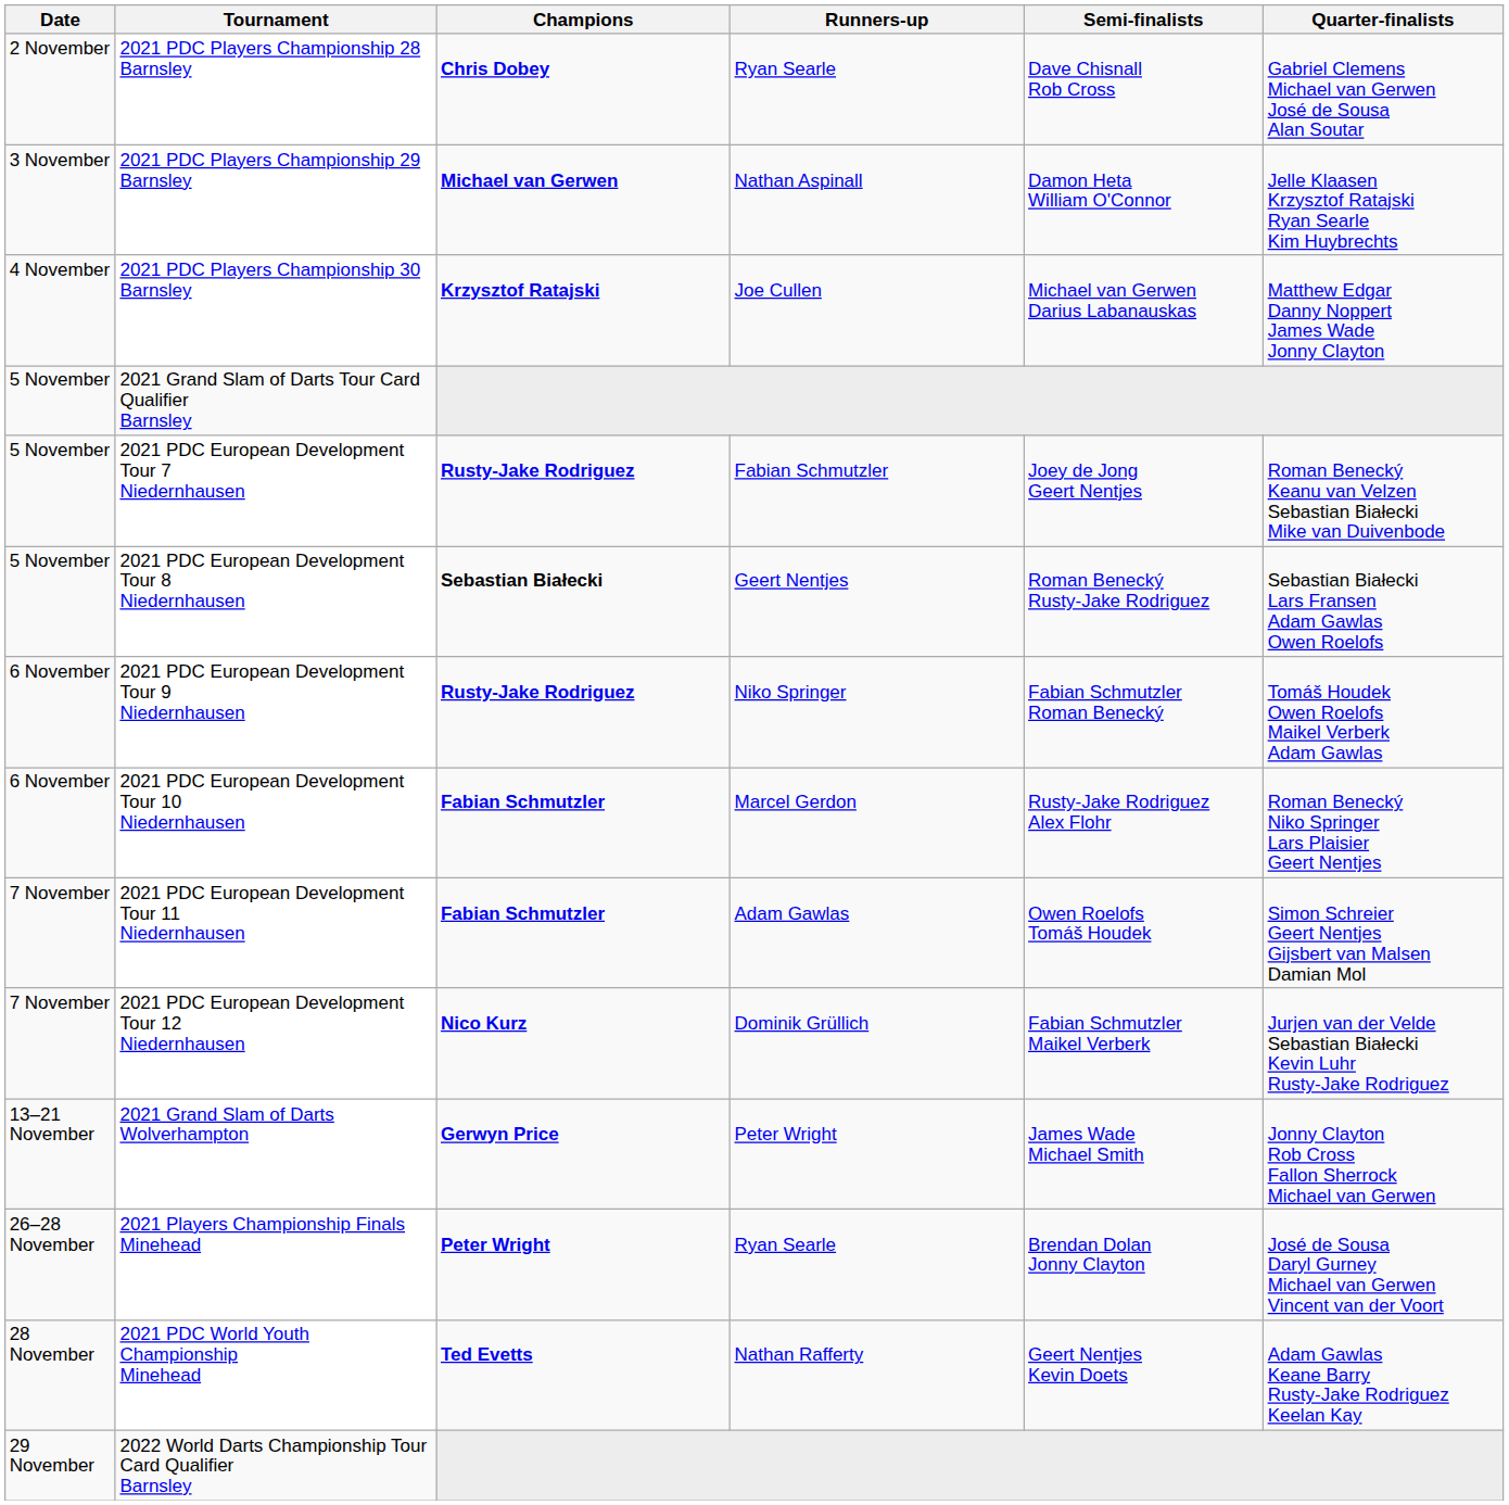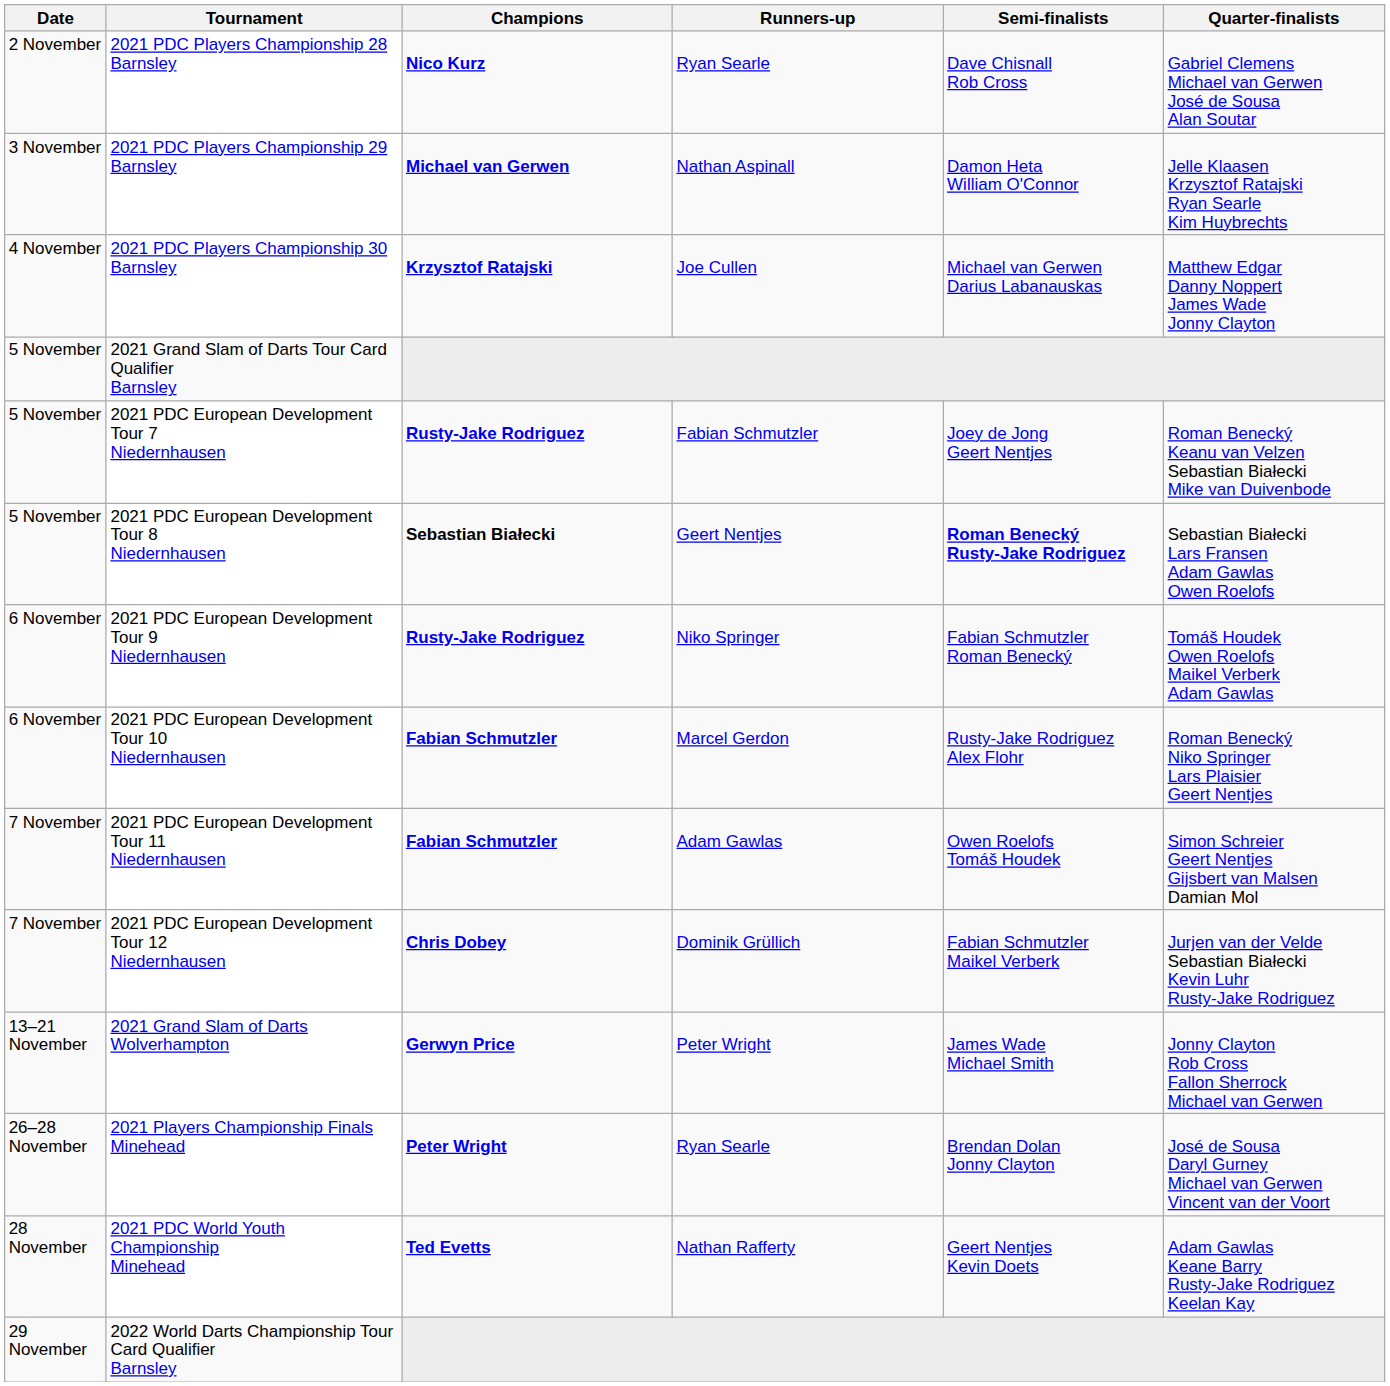 <table class=wikitable style=font-size:85%>
 <tr>
 <th width=75>Date</th>
 <th width=230>Tournament</th>
 <th width=210>Champions</th>
 <th width=210>Runners-up</th>
 <th width=170>Semi-finalists</th>
 <th width=170>Quarter-finalists</th>
 </tr>
 <tr valign="top">
 <td>2 November</td>
 <td bgcolor="#ffffff"><a href='#'>2021 PDC Players Championship 28</a><br> <a href='#'>Barnsley</a></td>
-<td><br> <strong><a href='#'>Chris Dobey</a></strong></td>
+<td><br> <strong><a href='#'>Nico Kurz</a></strong></td>
 <td><br> <a href='#'>Ryan Searle</a></td>
 <td><br> <a href='#'>Dave Chisnall</a>  <br>  <a href='#'>Rob Cross</a></td>
 <td><br> <a href='#'>Gabriel Clemens</a> <br>  <a href='#'>Michael van Gerwen</a> <br>  <a href='#'>José de Sousa</a> <br>  <a href='#'>Alan Soutar</a></td>
 </tr>
 <tr valign="top">
 <td>3 November</td>
 <td bgcolor="#ffffff"><a href='#'>2021 PDC Players Championship 29</a><br> <a href='#'>Barnsley</a></td>
 <td><br> <strong><a href='#'>Michael van Gerwen</a></strong></td>
 <td><br> <a href='#'>Nathan Aspinall</a></td>
 <td><br> <a href='#'>Damon Heta</a> <br>  <a href='#'>William O'Connor</a></td>
 <td><br> <a href='#'>Jelle Klaasen</a> <br>  <a href='#'>Krzysztof Ratajski</a> <br>  <a href='#'>Ryan Searle</a> <br>  <a href='#'>Kim Huybrechts</a></td>
 </tr>
 <tr valign="top">
 <td>4 November</td>
 <td bgcolor="#ffffff"><a href='#'>2021 PDC Players Championship 30</a><br> <a href='#'>Barnsley</a></td>
 <td><br> <strong><a href='#'>Krzysztof Ratajski</a></strong></td>
 <td><br> <a href='#'>Joe Cullen</a></td>
 <td><br> <a href='#'>Michael van Gerwen</a> <br>  <a href='#'>Darius Labanauskas</a></td>
 <td><br> <a href='#'>Matthew Edgar</a> <br>  <a href='#'>Danny Noppert</a> <br>  <a href='#'>James Wade</a> <br>  <a href='#'>Jonny Clayton</a></td>
 </tr>
 <tr valign="top">
 <td rowspan=1>5 November</td>
 <td>2021 Grand Slam of Darts Tour Card Qualifier <br> <a href='#'>Barnsley</a></td>
 <td colspan=4 bgcolor="#ededed"></td>
 </tr>
 <tr valign="top">
 <td>5 November</td>
 <td bgcolor="#ffffff">2021 PDC European Development Tour 7<br> <a href='#'>Niedernhausen</a></td>
 <td><br> <strong><a href='#'>Rusty-Jake Rodriguez</a></strong></td>
 <td><br> <a href='#'>Fabian Schmutzler</a></td>
 <td><br> <a href='#'>Joey de Jong</a> <br>  <a href='#'>Geert Nentjes</a></td>
 <td><br> <a href='#'>Roman Benecký</a> <br>  <a href='#'>Keanu van Velzen</a> <br>  Sebastian Białecki <br>  <a href='#'>Mike van Duivenbode</a></td>
 </tr>
 <tr valign="top">
 <td>5 November</td>
 <td bgcolor="#ffffff">2021 PDC European Development Tour 8<br> <a href='#'>Niedernhausen</a></td>
 <td><br> <strong>Sebastian Białecki</strong></td>
 <td><br> <a href='#'>Geert Nentjes</a></td>
-<td><br> <a href='#'>Roman Benecký</a> <br>  <a href='#'>Rusty-Jake Rodriguez</a></td>
+<td><strong><br> <a href='#'>Roman Benecký</a> <br>  <a href='#'>Rusty-Jake Rodriguez</a></strong></td>
 <td><br> Sebastian Białecki <br>  <a href='#'>Lars Fransen</a> <br>  <a href='#'>Adam Gawlas</a> <br>  <a href='#'>Owen Roelofs</a></td>
 </tr>
 <tr valign="top">
 <td>6 November</td>
 <td bgcolor="#ffffff">2021 PDC European Development Tour 9<br> <a href='#'>Niedernhausen</a></td>
 <td><br> <strong><a href='#'>Rusty-Jake Rodriguez</a></strong></td>
 <td><br> <a href='#'>Niko Springer</a></td>
 <td><br> <a href='#'>Fabian Schmutzler</a> <br>  <a href='#'>Roman Benecký</a></td>
 <td><br> <a href='#'>Tomáš Houdek</a> <br>  <a href='#'>Owen Roelofs</a> <br>  <a href='#'>Maikel Verberk</a> <br>  <a href='#'>Adam Gawlas</a></td>
 </tr>
 <tr valign="top">
 <td>6 November</td>
 <td bgcolor="#ffffff">2021 PDC European Development Tour 10<br> <a href='#'>Niedernhausen</a></td>
 <td><br> <strong><a href='#'>Fabian Schmutzler</a></strong></td>
 <td><br> <a href='#'>Marcel Gerdon</a></td>
 <td><br> <a href='#'>Rusty-Jake Rodriguez</a> <br>  <a href='#'>Alex Flohr</a></td>
 <td><br> <a href='#'>Roman Benecký</a> <br>  <a href='#'>Niko Springer</a> <br>  <a href='#'>Lars Plaisier</a> <br>  <a href='#'>Geert Nentjes</a></td>
 </tr>
 <tr valign="top">
 <td>7 November</td>
 <td bgcolor="#ffffff">2021 PDC European Development Tour 11<br> <a href='#'>Niedernhausen</a></td>
 <td><br> <strong><a href='#'>Fabian Schmutzler</a></strong></td>
 <td><br> <a href='#'>Adam Gawlas</a></td>
 <td><br> <a href='#'>Owen Roelofs</a> <br>  <a href='#'>Tomáš Houdek</a></td>
 <td><br> <a href='#'>Simon Schreier</a> <br>  <a href='#'>Geert Nentjes</a> <br>  <a href='#'>Gijsbert van Malsen</a> <br>  Damian Mol</td>
 </tr>
 <tr valign="top">
 <td>7 November</td>
 <td bgcolor="#ffffff">2021 PDC European Development Tour 12<br> <a href='#'>Niedernhausen</a></td>
-<td><br> <strong><a href='#'>Nico Kurz</a></strong></td>
+<td><br> <strong><a href='#'>Chris Dobey</a></strong></td>
 <td><br> <a href='#'>Dominik Grüllich</a></td>
 <td><br> <a href='#'>Fabian Schmutzler</a> <br>  <a href='#'>Maikel Verberk</a></td>
 <td><br> <a href='#'>Jurjen van der Velde</a> <br>  Sebastian Białecki <br>  <a href='#'>Kevin Luhr</a> <br>  <a href='#'>Rusty-Jake Rodriguez</a></td>
 </tr>
 <tr valign="top">
 <td>13–21 November</td>
 <td bgcolor="#ffffff"><a href='#'>2021 Grand Slam of Darts</a><br> <a href='#'>Wolverhampton</a></td>
 <td><br> <strong><a href='#'>Gerwyn Price</a></strong></td>
 <td><br> <a href='#'>Peter Wright</a></td>
 <td><br> <a href='#'>James Wade</a> <br>  <a href='#'>Michael Smith</a></td>
 <td><br> <a href='#'>Jonny Clayton</a> <br>  <a href='#'>Rob Cross</a> <br>  <a href='#'>Fallon Sherrock</a> <br>  <a href='#'>Michael van Gerwen</a></td>
 </tr>
 <tr valign="top">
 <td>26–28 November</td>
 <td bgcolor="#ffffff"><a href='#'>2021 Players Championship Finals</a><br> <a href='#'>Minehead</a></td>
 <td><br> <strong><a href='#'>Peter Wright</a></strong></td>
 <td><br> <a href='#'>Ryan Searle</a></td>
 <td><br> <a href='#'>Brendan Dolan</a> <br>  <a href='#'>Jonny Clayton</a></td>
 <td><br> <a href='#'>José de Sousa</a> <br>  <a href='#'>Daryl Gurney</a> <br>  <a href='#'>Michael van Gerwen</a> <br>  <a href='#'>Vincent van der Voort</a></td>
 </tr>
 <tr valign="top">
 <td>28 November</td>
 <td bgcolor="#ffffff"><a href='#'>2021 PDC World Youth Championship</a><br> <a href='#'>Minehead</a></td>
 <td><br> <strong><a href='#'>Ted Evetts</a></strong></td>
 <td><br> <a href='#'>Nathan Rafferty</a></td>
 <td><br> <a href='#'>Geert Nentjes</a> <br>  <a href='#'>Kevin Doets</a></td>
 <td><br> <a href='#'>Adam Gawlas</a> <br>  <a href='#'>Keane Barry</a> <br>  <a href='#'>Rusty-Jake Rodriguez</a> <br>  <a href='#'>Keelan Kay</a></td>
 </tr>
 <tr valign="top">
 <td rowspan=1>29 November</td>
 <td>2022 World Darts Championship Tour Card Qualifier <br> <a href='#'>Barnsley</a></td>
 <td colspan=4 bgcolor="#ededed"></td>
 </tr>
 </table>
